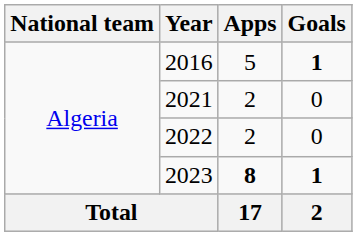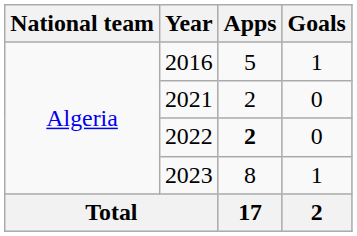 <table class="wikitable" style="text-align:center">
 <tr>
 <th>National team</th>
 <th>Year</th>
 <th>Apps</th>
 <th>Goals</th>
 </tr>
 <tr>
 <td rowspan=4><a href='#'>Algeria</a></td>
 <td>2016</td>
 <td>5</td>
-<td><strong>1</strong></td>
+<td>1</td>
 </tr>
 <tr>
 <td>2021</td>
 <td>2</td>
 <td>0</td>
 </tr>
 <tr>
 <td>2022</td>
-<td>2</td>
+<td><strong>2</strong></td>
 <td>0</td>
 </tr>
 <tr>
 <td>2023</td>
-<td><strong>8</strong></td>
-<td><strong>1</strong></td>
+<td>8</td>
+<td>1</td>
 </tr>
 <tr>
 <th colspan=2>Total</th>
 <th>17</th>
 <th>2</th>
 </tr>
 </table>
